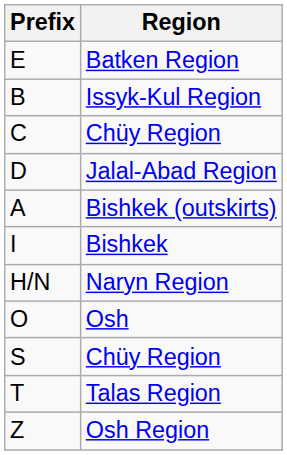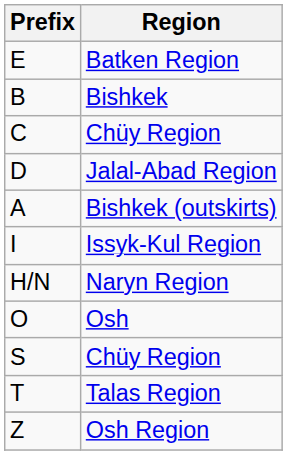 <table class="wikitable">
 <tr>
 <th>Prefix</th>
 <th>Region</th>
 </tr>
 <tr>
 <td>E</td>
 <td><a href='#'>Batken Region</a></td>
 </tr>
 <tr>
 <td>B</td>
-<td><a href='#'>Issyk-Kul Region</a></td>
+<td><a href='#'>Bishkek</a></td>
 </tr>
 <tr>
 <td>C</td>
 <td><a href='#'>Chüy Region</a></td>
 </tr>
 <tr>
 <td>D</td>
 <td><a href='#'>Jalal-Abad Region</a></td>
 </tr>
 <tr>
 <td>А</td>
 <td><a href='#'>Bishkek (outskirts)</a></td>
 </tr>
 <tr>
 <td>I</td>
-<td><a href='#'>Bishkek</a></td>
+<td><a href='#'>Issyk-Kul Region</a></td>
 </tr>
 <tr>
 <td>H/N</td>
 <td><a href='#'>Naryn Region</a></td>
 </tr>
 <tr>
 <td>O</td>
 <td><a href='#'>Osh</a></td>
 </tr>
 <tr>
 <td>S</td>
 <td><a href='#'>Chüy Region</a></td>
 </tr>
 <tr>
 <td>T</td>
 <td><a href='#'>Talas Region</a></td>
 </tr>
 <tr>
 <td>Z</td>
 <td><a href='#'>Osh Region</a></td>
 </tr>
 </table>
